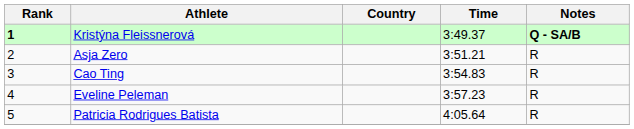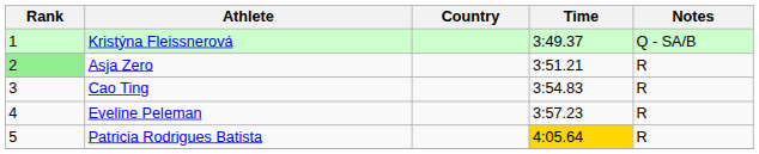 <table class="wikitable" width=50%>
 <tr>
 <th>Rank</th>
 <th>Athlete</th>
 <th>Country</th>
 <th>Time</th>
 <th>Notes</th>
 </tr>
 <tr bgcolor=ccffcc>
-<td><strong>1</strong></td>
+<td>1</td>
 <td><a href='#'>Kristýna Fleissnerová</a></td>
 <td></td>
 <td>3:49.37</td>
-<td><strong>Q - SA/B</strong></td>
+<td>Q - SA/B</td>
 </tr>
 <tr>
-<td>2</td>
+<td style="background: lightgreen;">2</td>
 <td><a href='#'>Asja Zero</a></td>
 <td></td>
 <td>3:51.21</td>
 <td>R</td>
 </tr>
 <tr>
 <td>3</td>
 <td><a href='#'>Cao Ting</a></td>
 <td></td>
 <td>3:54.83</td>
 <td>R</td>
 </tr>
 <tr>
 <td>4</td>
 <td><a href='#'>Eveline Peleman</a></td>
 <td></td>
 <td>3:57.23</td>
 <td>R</td>
 </tr>
 <tr>
 <td>5</td>
 <td><a href='#'>Patricia Rodrigues Batista</a></td>
 <td></td>
-<td>4:05.64</td>
+<td style="background: gold;">4:05.64</td>
 <td>R</td>
 </tr>
 <tr>
 </tr>
 </table>
